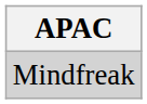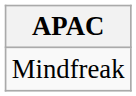 <table class="wikitable" style="display: inline-table; margin-left: 25px;">
 <tr>
 <th>APAC</th>
 </tr>
 <tr>
-<td style="background: lightgrey;">Mindfreak</td>
+<td>Mindfreak</td>
 </tr>
 </table>
